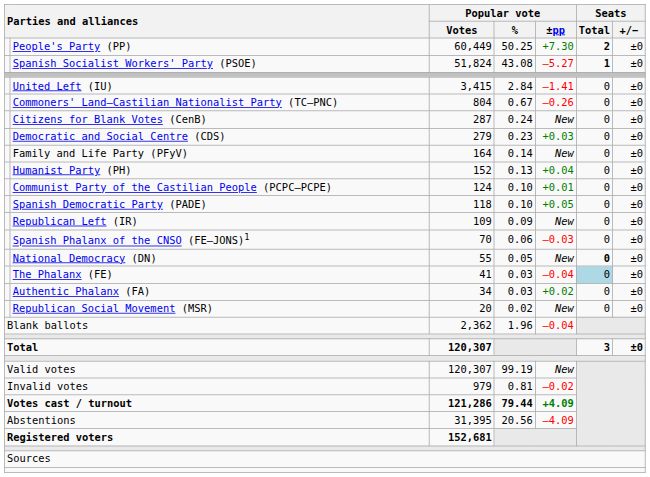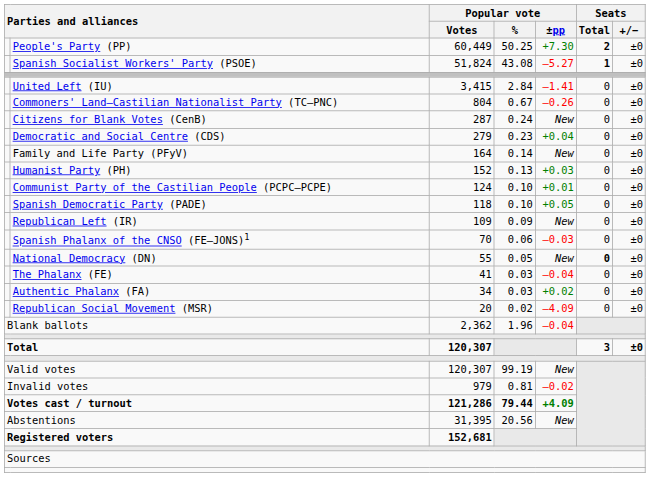 <table class="wikitable" style="text-align:right;">
 <tr>
 <th style="text-align:left;" rowspan="2" colspan="2" width="525">Parties and alliances</th>
 <th colspan="3">Popular vote</th>
 <th colspan="2">Seats</th>
 </tr>
 <tr>
 <th width="75">Votes</th>
 <th width="45">%</th>
 <th width="45">±<a href='#'>pp</a></th>
 <th width="35">Total</th>
 <th width="35">+/−</th>
 </tr>
 <tr>
 <td width="1" style="color:inherit;background:"></td>
 <td align="left"><a href='#'>People's Party</a> (PP)</td>
 <td>60,449</td>
 <td>50.25</td>
 <td style="color:green;">+7.30</td>
 <td><strong>2</strong></td>
 <td>±0</td>
 </tr>
 <tr>
 <td style="color:inherit;background:"></td>
 <td align="left"><a href='#'>Spanish Socialist Workers' Party</a> (PSOE)</td>
 <td>51,824</td>
 <td>43.08</td>
 <td style="color:red;">–5.27</td>
 <td><strong>1</strong></td>
 <td>±0</td>
 </tr>
 <tr>
 <td colspan="7" bgcolor="#C0C0C0"></td>
 </tr>
 <tr>
 <td style="color:inherit;background:"></td>
 <td align="left"><a href='#'>United Left</a> (IU)</td>
 <td>3,415</td>
 <td>2.84</td>
 <td style="color:red;">–1.41</td>
 <td>0</td>
 <td>±0</td>
 </tr>
 <tr>
 <td style="color:inherit;background:"></td>
 <td align="left"><a href='#'>Commoners' Land–Castilian Nationalist Party</a> (TC–PNC)</td>
 <td>804</td>
 <td>0.67</td>
 <td style="color:red;">–0.26</td>
 <td>0</td>
 <td>±0</td>
 </tr>
 <tr>
 <td style="color:inherit;background:"></td>
 <td align="left"><a href='#'>Citizens for Blank Votes</a> (CenB)</td>
 <td>287</td>
 <td>0.24</td>
 <td><em>New</em></td>
 <td>0</td>
 <td>±0</td>
 </tr>
 <tr>
 <td style="color:inherit;background:"></td>
 <td align="left"><a href='#'>Democratic and Social Centre</a> (CDS)</td>
 <td>279</td>
 <td>0.23</td>
-<td style="color:green;">+0.03</td>
+<td style="color:green;">+0.04</td>
 <td>0</td>
 <td>±0</td>
 </tr>
 <tr>
 <td style="color:inherit;background:"></td>
 <td align="left">Family and Life Party (PFyV)</td>
 <td>164</td>
 <td>0.14</td>
 <td><em>New</em></td>
 <td>0</td>
 <td>±0</td>
 </tr>
 <tr>
 <td style="color:inherit;background:"></td>
 <td align="left"><a href='#'>Humanist Party</a> (PH)</td>
 <td>152</td>
 <td>0.13</td>
-<td style="color:green;">+0.04</td>
+<td style="color:green;">+0.03</td>
 <td>0</td>
 <td>±0</td>
 </tr>
 <tr>
 <td style="color:inherit;background:"></td>
 <td align="left"><a href='#'>Communist Party of the Castilian People</a> (PCPC–PCPE)</td>
 <td>124</td>
 <td>0.10</td>
 <td style="color:green;">+0.01</td>
 <td>0</td>
 <td>±0</td>
 </tr>
 <tr>
 <td style="color:inherit;background:"></td>
 <td align="left"><a href='#'>Spanish Democratic Party</a> (PADE)</td>
 <td>118</td>
 <td>0.10</td>
 <td style="color:green;">+0.05</td>
 <td>0</td>
 <td>±0</td>
 </tr>
 <tr>
 <td style="color:inherit;background:"></td>
 <td align="left"><a href='#'>Republican Left</a> (IR)</td>
 <td>109</td>
 <td>0.09</td>
 <td><em>New</em></td>
 <td>0</td>
 <td>±0</td>
 </tr>
 <tr>
 <td style="color:inherit;background:"></td>
 <td align="left"><a href='#'>Spanish Phalanx of the CNSO</a> (FE–JONS)<sup>1</sup></td>
 <td>70</td>
 <td>0.06</td>
 <td style="color:red;">–0.03</td>
 <td>0</td>
 <td>±0</td>
 </tr>
 <tr>
 <td style="color:inherit;background:"></td>
 <td align="left"><a href='#'>National Democracy</a> (DN)</td>
 <td>55</td>
 <td>0.05</td>
 <td><em>New</em></td>
 <td><strong>0</strong></td>
 <td>±0</td>
 </tr>
 <tr>
 <td style="color:inherit;background:"></td>
 <td align="left"><a href='#'>The Phalanx</a> (FE)</td>
 <td>41</td>
 <td>0.03</td>
 <td style="color:red;">–0.04</td>
-<td style="background: lightblue;">0</td>
+<td>0</td>
 <td>±0</td>
 </tr>
 <tr>
 <td style="color:inherit;background:"></td>
 <td align="left"><a href='#'>Authentic Phalanx</a> (FA)</td>
 <td>34</td>
 <td>0.03</td>
 <td style="color:green;">+0.02</td>
 <td>0</td>
 <td>±0</td>
 </tr>
 <tr>
 <td style="color:inherit;background:"></td>
 <td align="left"><a href='#'>Republican Social Movement</a> (MSR)</td>
 <td>20</td>
 <td>0.02</td>
-<td><em>New</em></td>
+<td style="color:red;">–4.09</td>
 <td>0</td>
 <td>±0</td>
 </tr>
 <tr>
 <td align="left" colspan="2">Blank ballots</td>
 <td>2,362</td>
 <td>1.96</td>
 <td style="color:red;">–0.04</td>
 <td bgcolor="#E9E9E9" colspan="2"></td>
 </tr>
 <tr>
 <td colspan="7" bgcolor="#E9E9E9"></td>
 </tr>
 <tr style="font-weight:bold;">
 <td align="left" colspan="2">Total</td>
 <td>120,307</td>
 <td bgcolor="#E9E9E9" colspan="2"></td>
 <td>3</td>
 <td>±0</td>
 </tr>
 <tr>
 <td colspan="7" bgcolor="#E9E9E9"></td>
 </tr>
 <tr>
 <td align="left" colspan="2">Valid votes</td>
 <td>120,307</td>
 <td>99.19</td>
 <td><em>New</em></td>
 <td bgcolor="#E9E9E9" colspan="2" rowspan="5"></td>
 </tr>
 <tr>
 <td align="left" colspan="2">Invalid votes</td>
 <td>979</td>
 <td>0.81</td>
 <td style="color:red;">–0.02</td>
 </tr>
 <tr style="font-weight:bold;">
 <td align="left" colspan="2">Votes cast / turnout</td>
 <td>121,286</td>
 <td>79.44</td>
 <td style="color:green;">+4.09</td>
 </tr>
 <tr>
 <td align="left" colspan="2">Abstentions</td>
 <td>31,395</td>
 <td>20.56</td>
-<td style="color:red;">–4.09</td>
+<td><em>New</em></td>
 </tr>
 <tr style="font-weight:bold;">
 <td align="left" colspan="2">Registered voters</td>
 <td>152,681</td>
 <td bgcolor="#E9E9E9" colspan="2"></td>
 </tr>
 <tr>
 <td colspan="7" bgcolor="#E9E9E9"></td>
 </tr>
 <tr>
 <td align="left" colspan="7">Sources</td>
 </tr>
 <tr>
 <td colspan="7" style="text-align:left; max-width:790px;"></td>
 </tr>
 </table>
